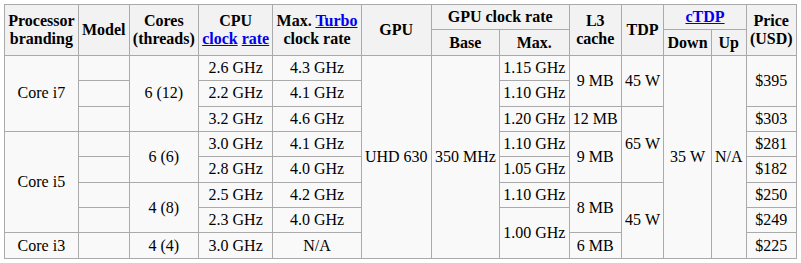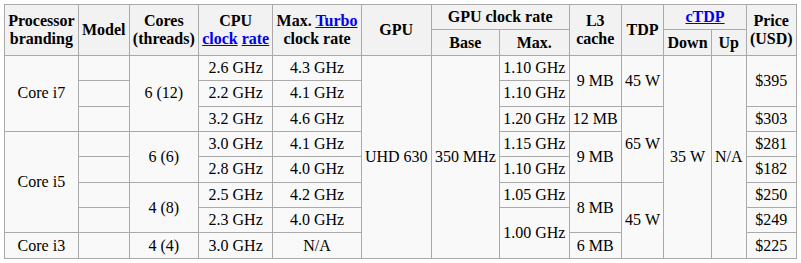 <table class="wikitable sortable" style="text-align: center;">
 <tr>
 <th rowspan="2">Processor<br>branding</th>
 <th rowspan="2">Model</th>
 <th rowspan="2">Cores<br>(threads)</th>
 <th rowspan="2">CPU<br><a href='#'>clock</a> <a href='#'>rate</a></th>
 <th rowspan="2">Max. <a href='#'>Turbo</a><br>clock rate</th>
 <th rowspan="2">GPU</th>
 <th colspan="2">GPU clock rate</th>
 <th rowspan="2">L3<br>cache</th>
 <th rowspan="2">TDP</th>
 <th colspan="2"><a href='#'>cTDP</a></th>
 <th rowspan="2">Price<br>(USD)</th>
 </tr>
 <tr>
 <th>Base</th>
 <th>Max.</th>
 <th>Down</th>
 <th>Up</th>
 </tr>
 <tr>
 <td rowspan="3">Core i7</td>
 <td></td>
 <td rowspan="3">6 (12)</td>
 <td>2.6 GHz</td>
 <td>4.3 GHz</td>
 <td rowspan="8">UHD 630</td>
 <td rowspan="8">350 MHz</td>
-<td>1.15 GHz</td>
+<td>1.10 GHz</td>
 <td rowspan="2">9 MB</td>
 <td rowspan="2">45 W</td>
 <td rowspan="8">35 W</td>
 <td rowspan="8">N/A</td>
 <td rowspan="2">$395</td>
 </tr>
 <tr>
 <td></td>
 <td>2.2 GHz</td>
 <td>4.1 GHz</td>
 <td>1.10 GHz</td>
 </tr>
 <tr>
 <td></td>
 <td>3.2 GHz</td>
 <td>4.6 GHz</td>
 <td>1.20 GHz</td>
 <td>12 MB</td>
 <td rowspan="3">65 W</td>
 <td>$303</td>
 </tr>
 <tr>
 <td rowspan="4">Core i5</td>
 <td></td>
 <td rowspan="2">6 (6)</td>
 <td>3.0 GHz</td>
 <td>4.1 GHz</td>
-<td>1.10 GHz</td>
+<td>1.15 GHz</td>
 <td rowspan="2">9 MB</td>
 <td>$281</td>
 </tr>
 <tr>
 <td></td>
 <td>2.8 GHz</td>
 <td>4.0 GHz</td>
-<td>1.05 GHz</td>
+<td>1.10 GHz</td>
 <td>$182</td>
 </tr>
 <tr>
 <td></td>
 <td rowspan="2">4 (8)</td>
 <td>2.5 GHz</td>
 <td>4.2 GHz</td>
-<td>1.10 GHz</td>
+<td>1.05 GHz</td>
 <td rowspan="2">8 MB</td>
 <td rowspan="3">45 W</td>
 <td>$250</td>
 </tr>
 <tr>
 <td></td>
 <td>2.3 GHz</td>
 <td>4.0 GHz</td>
 <td rowspan="2">1.00 GHz</td>
 <td>$249</td>
 </tr>
 <tr>
 <td>Core i3</td>
 <td></td>
 <td>4 (4)</td>
 <td>3.0 GHz</td>
 <td>N/A</td>
 <td>6 MB</td>
 <td>$225</td>
 </tr>
 </table>
